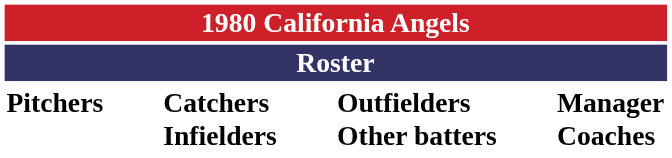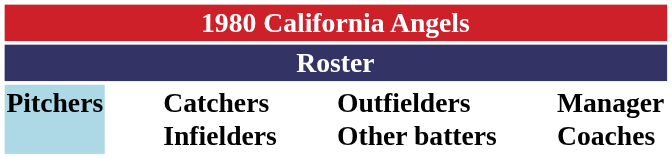 <table class="toccolours" style="font-size: 95%;">
 <tr>
 <th colspan="10" style="background-color: #CE2029; color: white; text-align: center;">1980 California Angels</th>
 </tr>
 <tr>
 <td colspan="10" style="background-color:#333366; color: white; text-align: center;"><strong>Roster</strong></td>
 </tr>
 <tr>
-<td valign="top"><strong>Pitchers</strong><br>                </td>
+<td valign="top" style="background: lightblue;"><strong>Pitchers</strong><br>                </td>
 <td width="25px"></td>
 <td valign="top"><strong>Catchers</strong><br>     <strong>Infielders</strong>         </td>
 <td width="25px"></td>
 <td valign="top"><strong>Outfielders</strong><br>         <strong>Other batters</strong> </td>
 <td width="25px"></td>
 <td valign="top"><strong>Manager</strong><br> <strong>Coaches</strong>     </td>
 </tr>
 </table>
